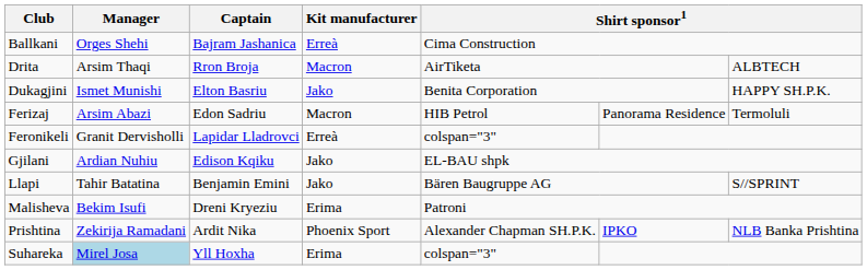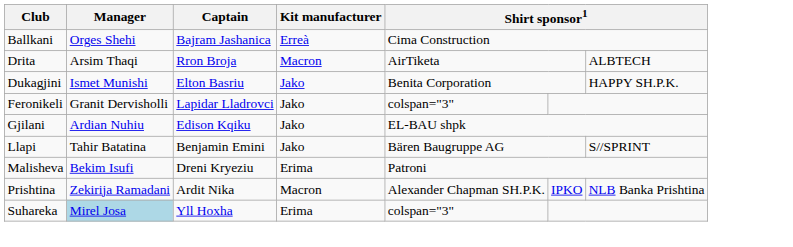 <table class="wikitable sortable">
 <tr>
 <th>Club</th>
 <th>Manager</th>
 <th>Captain</th>
 <th>Kit manufacturer</th>
 <th colspan="3">Shirt sponsor<sup>1</sup></th>
 </tr>
 <tr>
 <td>Ballkani</td>
 <td> <a href='#'>Orges Shehi</a></td>
 <td> <a href='#'>Bajram Jashanica</a></td>
 <td> <a href='#'>Erreà</a></td>
 <td colspan="3"> Cima Construction</td>
 </tr>
 <tr>
 <td>Drita</td>
 <td> Arsim Thaqi</td>
 <td> <a href='#'>Rron Broja</a></td>
 <td> <a href='#'>Macron</a></td>
 <td colspan="2"> AirTiketa</td>
 <td> ALBTECH</td>
 </tr>
 <tr>
 <td>Dukagjini</td>
 <td> <a href='#'>Ismet Munishi</a></td>
 <td> <a href='#'>Elton Basriu</a></td>
 <td> <a href='#'>Jako</a></td>
 <td colspan="2"> Benita Corporation</td>
 <td> HAPPY SH.P.K.</td>
 </tr>
 <tr>
-<td>Ferizaj</td>
-<td> <a href='#'>Arsim Abazi</a></td>
-<td> Edon Sadriu</td>
-<td> Macron</td>
-<td> HIB Petrol</td>
-<td> Panorama Residence</td>
-<td> Termoluli</td>
-</tr>
-<tr>
 <td>Feronikeli</td>
 <td> Granit Dervisholli</td>
 <td> <a href='#'>Lapidar Lladrovci</a></td>
-<td> Erreà</td>
+<td> Jako</td>
 <td>colspan="3"  </td>
 </tr>
 <tr>
 <td>Gjilani</td>
 <td> <a href='#'>Ardian Nuhiu</a></td>
 <td> <a href='#'>Edison Kqiku</a></td>
 <td> Jako</td>
 <td colspan="3"> EL-BAU shpk</td>
 </tr>
 <tr>
 <td>Llapi</td>
 <td> Tahir Batatina</td>
 <td> Benjamin Emini</td>
 <td> Jako</td>
 <td colspan="2"> Bären Baugruppe AG</td>
 <td> S//SPRINT</td>
 </tr>
 <tr>
 <td>Malisheva</td>
 <td> <a href='#'>Bekim Isufi</a></td>
 <td> Dreni Kryeziu</td>
 <td> Erima</td>
 <td colspan="3"> Patroni</td>
 </tr>
 <tr>
 <td>Prishtina</td>
 <td> <a href='#'>Zekirija Ramadani</a></td>
 <td> Ardit Nika</td>
-<td> Phoenix Sport</td>
+<td> Macron</td>
 <td> Alexander Chapman SH.P.K.</td>
 <td> <a href='#'>IPKO</a></td>
 <td> <a href='#'>NLB</a> Banka Prishtina</td>
 </tr>
 <tr>
 <td>Suhareka</td>
 <td style="background: lightblue;"> <a href='#'>Mirel Josa</a></td>
 <td> <a href='#'>Yll Hoxha</a></td>
 <td> Erima</td>
 <td>colspan="3"  </td>
 </tr>
 </table>
